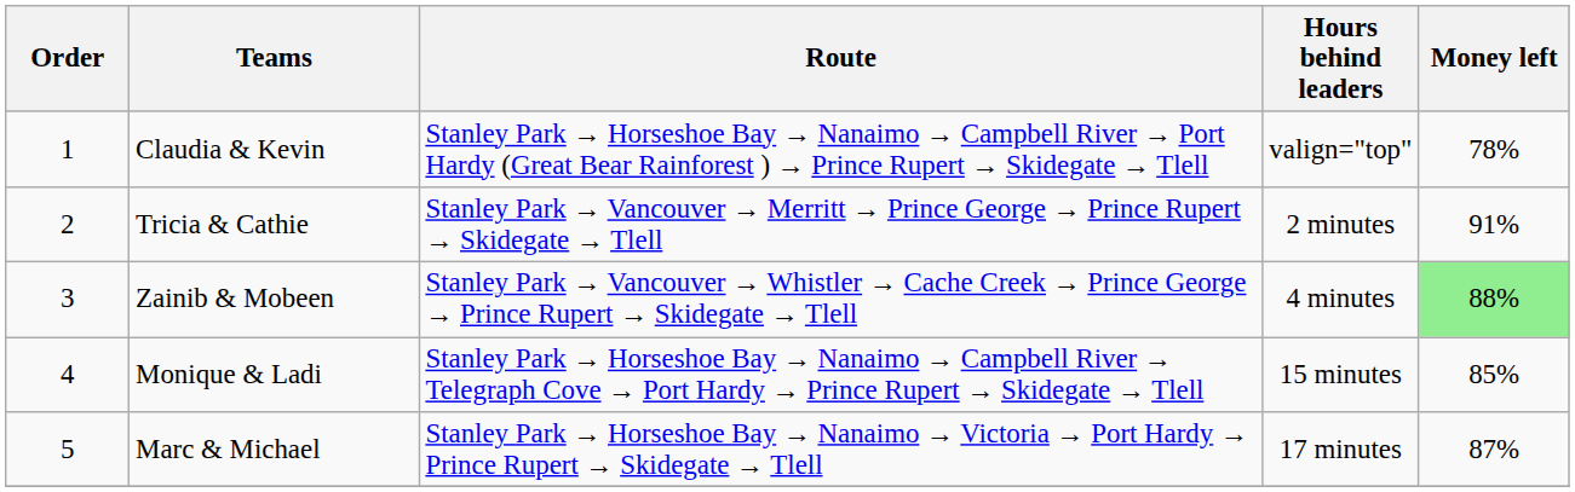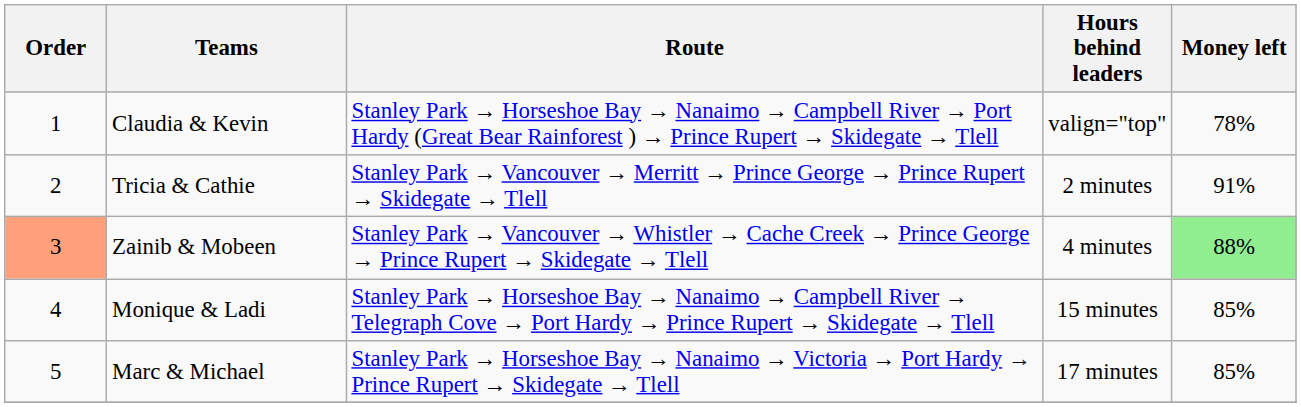 <table class="wikitable sortable" style="text-align:center">
 <tr>
 <th style="width:4em">Order</th>
 <th style="width:10em">Teams</th>
 <th style="width:30em">Route</th>
 <th style="width:5em">Hours behind leaders</th>
 <th style="width:5em">Money left</th>
 </tr>
 <tr>
 <td>1</td>
 <td style="text-align:left">Claudia & Kevin</td>
 <td style="text-align:left"><a href='#'>Stanley Park</a> → <a href='#'>Horseshoe Bay</a>  → <a href='#'>Nanaimo</a>  → <a href='#'>Campbell River</a>  → <a href='#'>Port Hardy</a>  (<a href='#'>Great Bear Rainforest</a> )  → <a href='#'>Prince Rupert</a> → <a href='#'>Skidegate</a> → <a href='#'>Tlell</a></td>
 <td>valign="top" </td>
 <td>78%</td>
 </tr>
 <tr>
 <td>2</td>
 <td style="text-align:left">Tricia & Cathie</td>
 <td style="text-align:left"><a href='#'>Stanley Park</a> → <a href='#'>Vancouver</a>  → <a href='#'>Merritt</a>   → <a href='#'>Prince George</a>  → <a href='#'>Prince Rupert</a> → <a href='#'>Skidegate</a>  → <a href='#'>Tlell</a></td>
 <td>2 minutes</td>
 <td>91%</td>
 </tr>
 <tr>
-<td>3</td>
+<td style="background: lightsalmon;">3</td>
 <td style="text-align:left">Zainib & Mobeen</td>
 <td style="text-align:left"><a href='#'>Stanley Park</a>  → <a href='#'>Vancouver</a>  → <a href='#'>Whistler</a>    → <a href='#'>Cache Creek</a>  → <a href='#'>Prince George</a>  → <a href='#'>Prince Rupert</a> → <a href='#'>Skidegate</a>  → <a href='#'>Tlell</a></td>
 <td>4 minutes</td>
 <td style="background: lightgreen;">88%</td>
 </tr>
 <tr>
 <td>4</td>
 <td style="text-align:left">Monique & Ladi</td>
 <td style="text-align:left"><a href='#'>Stanley Park</a> → <a href='#'>Horseshoe Bay</a>  → <a href='#'>Nanaimo</a>  → <a href='#'>Campbell River</a>  → <a href='#'>Telegraph Cove</a>  → <a href='#'>Port Hardy</a>  → <a href='#'>Prince Rupert</a> → <a href='#'>Skidegate</a>  → <a href='#'>Tlell</a></td>
 <td>15 minutes</td>
 <td>85%</td>
 </tr>
 <tr>
 <td>5</td>
 <td style="text-align:left">Marc & Michael</td>
 <td style="text-align:left"><a href='#'>Stanley Park</a> → <a href='#'>Horseshoe Bay</a>  → <a href='#'>Nanaimo</a>  → <a href='#'>Victoria</a>   → <a href='#'>Port Hardy</a>  → <a href='#'>Prince Rupert</a> → <a href='#'>Skidegate</a>  → <a href='#'>Tlell</a></td>
 <td>17 minutes</td>
-<td>87%</td>
+<td>85%</td>
 </tr>
 <tr>
 </tr>
 </table>
